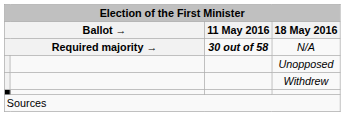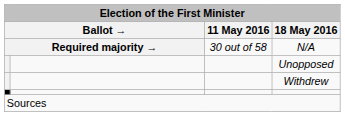 <table class="wikitable" style="text-align:center; font-size:95%">
 <tr bgcolor="#E9E9E9">
 <td colspan="4" align="center" bgcolor="#C0C0C0"><strong>Election of the First Minister</strong></td>
 </tr>
 <tr>
 <th colspan="2" width="275px">Ballot →</th>
 <th colspan="1">11 May 2016</th>
 <th colspan ="1">18 May 2016</th>
 </tr>
 <tr>
 <th colspan="2">Required majority →</th>
-<td colspan="1"><strong><em>30 out of 58</em> </strong></td>
+<td colspan="1"><em>30 out of 58</em> </td>
 <td colspan="1"><em>N/A</em> </td>
 </tr>
 <tr>
 <th width="1px" style="background:"></th>
 <td align="left"></td>
 <td></td>
 <td><em>Unopposed</em></td>
 </tr>
 <tr>
 <th style="background:"></th>
 <td align="left"></td>
 <td></td>
 <td><em>Withdrew</em></td>
 </tr>
 <tr>
 <th style="background:black;"></th>
 <td align="left"></td>
 <td></td>
 <td></td>
 </tr>
 <tr>
 <td align="left" colspan="6">Sources</td>
 </tr>
 </table>
